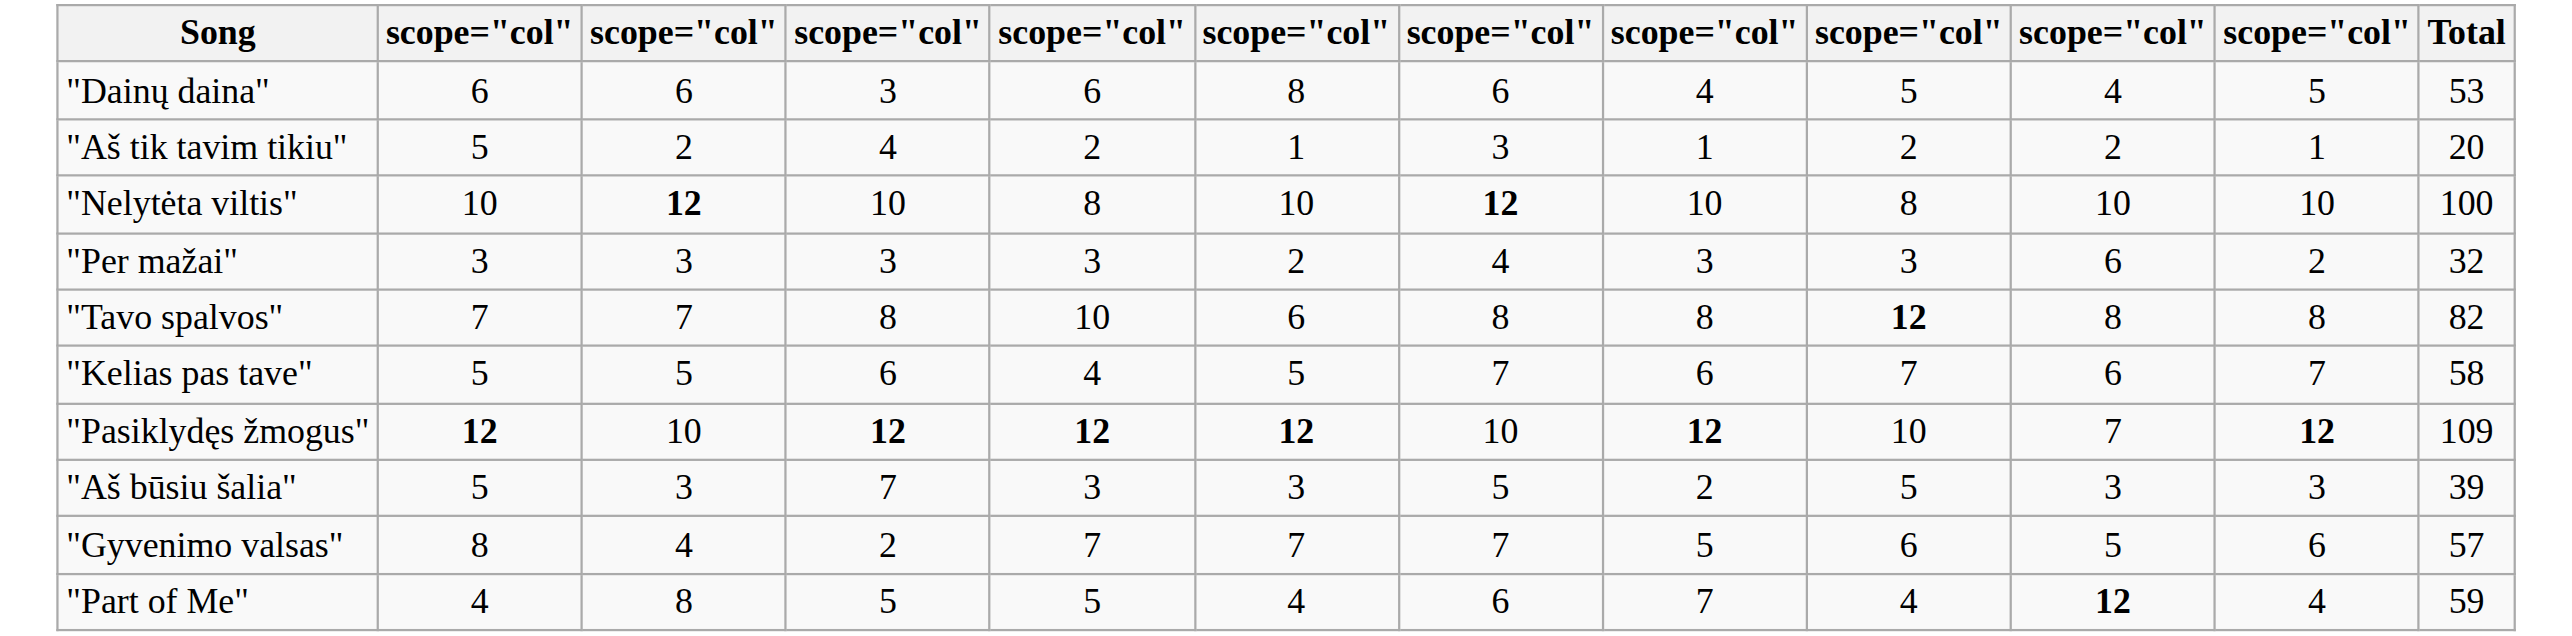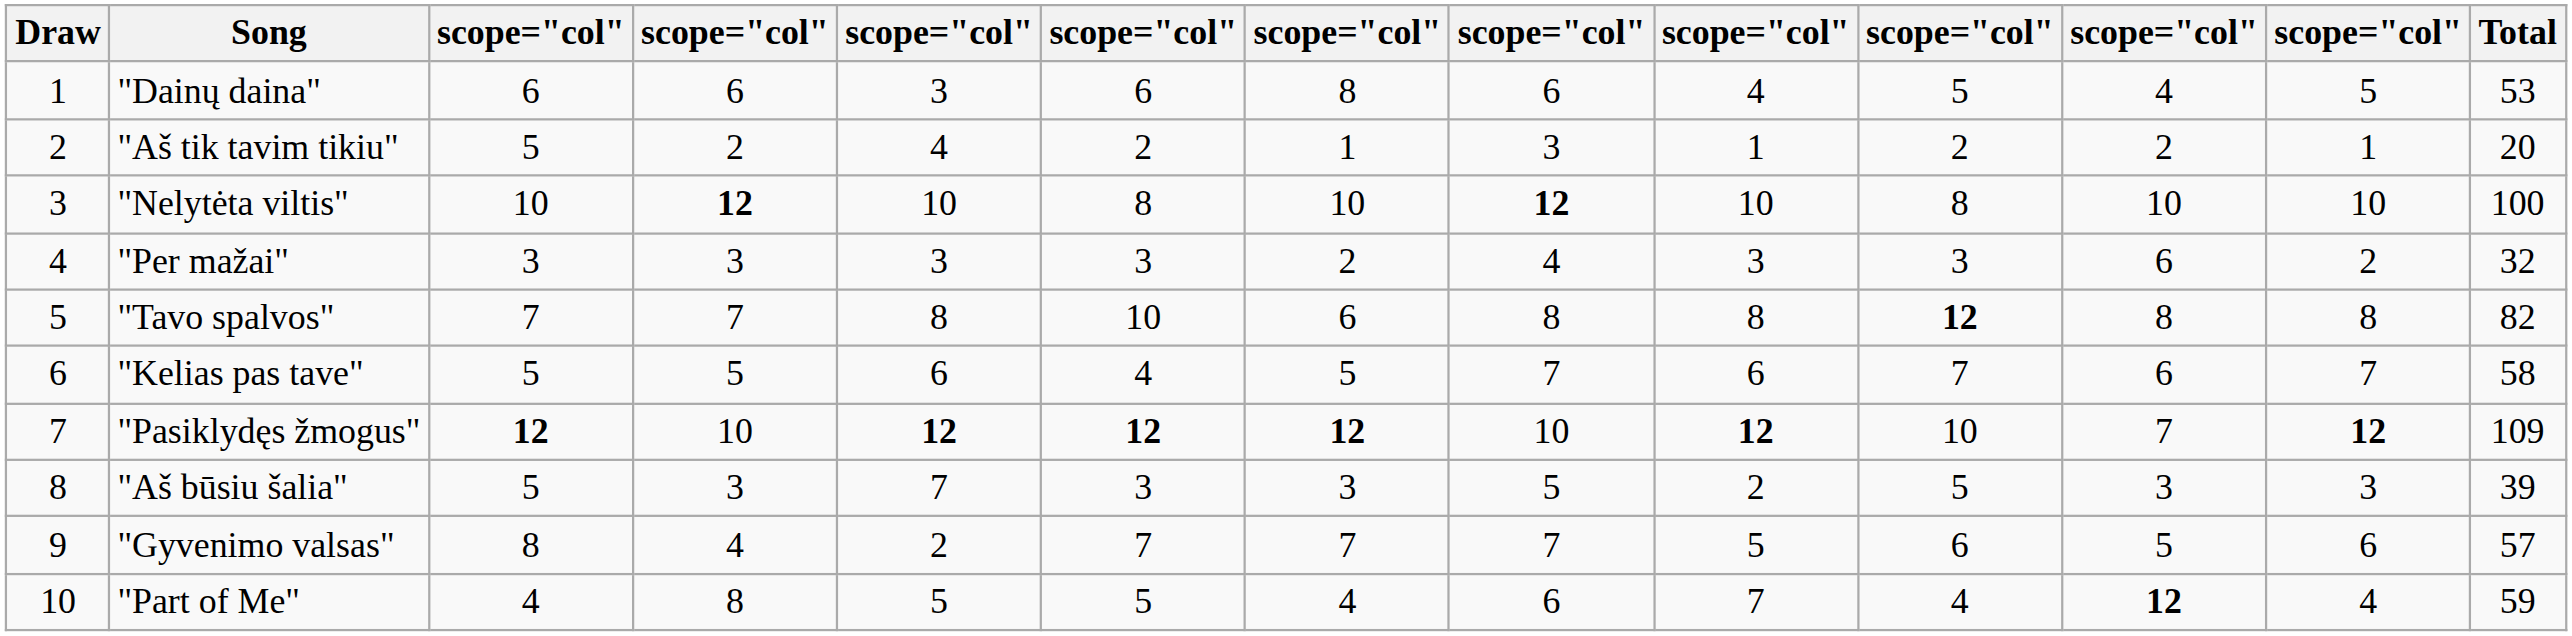 <table class="wikitable collapsible" style="margin: 1em auto 1em auto; text-align:center">
 <tr>
+<th>Draw</th>
 <th>Song</th>
 <th>scope="col" </th>
 <th>scope="col" </th>
 <th>scope="col" </th>
 <th>scope="col" </th>
 <th>scope="col" </th>
 <th>scope="col" </th>
 <th>scope="col" </th>
 <th>scope="col" </th>
 <th>scope="col" </th>
 <th>scope="col" </th>
 <th>Total</th>
 </tr>
 <tr>
+<td>1</td>
 <td align="left">"Dainų daina"</td>
 <td>6</td>
 <td>6</td>
 <td>3</td>
 <td>6</td>
 <td>8</td>
 <td>6</td>
 <td>4</td>
 <td>5</td>
 <td>4</td>
 <td>5</td>
 <td>53</td>
 </tr>
 <tr>
+<td>2</td>
 <td align="left">"Aš tik tavim tikiu"</td>
 <td>5</td>
 <td>2</td>
 <td>4</td>
 <td>2</td>
 <td>1</td>
 <td>3</td>
 <td>1</td>
 <td>2</td>
 <td>2</td>
 <td>1</td>
 <td>20</td>
 </tr>
 <tr>
+<td>3</td>
 <td align="left">"Nelytėta viltis"</td>
 <td>10</td>
 <td><strong>12</strong></td>
 <td>10</td>
 <td>8</td>
 <td>10</td>
 <td><strong>12</strong></td>
 <td>10</td>
 <td>8</td>
 <td>10</td>
 <td>10</td>
 <td>100</td>
 </tr>
 <tr>
+<td>4</td>
 <td align="left">"Per mažai"</td>
 <td>3</td>
 <td>3</td>
 <td>3</td>
 <td>3</td>
 <td>2</td>
 <td>4</td>
 <td>3</td>
 <td>3</td>
 <td>6</td>
 <td>2</td>
 <td>32</td>
 </tr>
 <tr>
+<td>5</td>
 <td align="left">"Tavo spalvos"</td>
 <td>7</td>
 <td>7</td>
 <td>8</td>
 <td>10</td>
 <td>6</td>
 <td>8</td>
 <td>8</td>
 <td><strong>12</strong></td>
 <td>8</td>
 <td>8</td>
 <td>82</td>
 </tr>
 <tr>
+<td>6</td>
 <td align="left">"Kelias pas tave"</td>
 <td>5</td>
 <td>5</td>
 <td>6</td>
 <td>4</td>
 <td>5</td>
 <td>7</td>
 <td>6</td>
 <td>7</td>
 <td>6</td>
 <td>7</td>
 <td>58</td>
 </tr>
 <tr>
+<td>7</td>
 <td align="left">"Pasiklydęs žmogus"</td>
 <td><strong>12</strong></td>
 <td>10</td>
 <td><strong>12</strong></td>
 <td><strong>12</strong></td>
 <td><strong>12</strong></td>
 <td>10</td>
 <td><strong>12</strong></td>
 <td>10</td>
 <td>7</td>
 <td><strong>12</strong></td>
 <td>109</td>
 </tr>
 <tr>
+<td>8</td>
 <td align="left">"Aš būsiu šalia"</td>
 <td>5</td>
 <td>3</td>
 <td>7</td>
 <td>3</td>
 <td>3</td>
 <td>5</td>
 <td>2</td>
 <td>5</td>
 <td>3</td>
 <td>3</td>
 <td>39</td>
 </tr>
 <tr>
+<td>9</td>
 <td align="left">"Gyvenimo valsas"</td>
 <td>8</td>
 <td>4</td>
 <td>2</td>
 <td>7</td>
 <td>7</td>
 <td>7</td>
 <td>5</td>
 <td>6</td>
 <td>5</td>
 <td>6</td>
 <td>57</td>
 </tr>
 <tr>
+<td>10</td>
 <td align="left">"Part of Me"</td>
 <td>4</td>
 <td>8</td>
 <td>5</td>
 <td>5</td>
 <td>4</td>
 <td>6</td>
 <td>7</td>
 <td>4</td>
 <td><strong>12</strong></td>
 <td>4</td>
 <td>59</td>
 </tr>
 </table>
